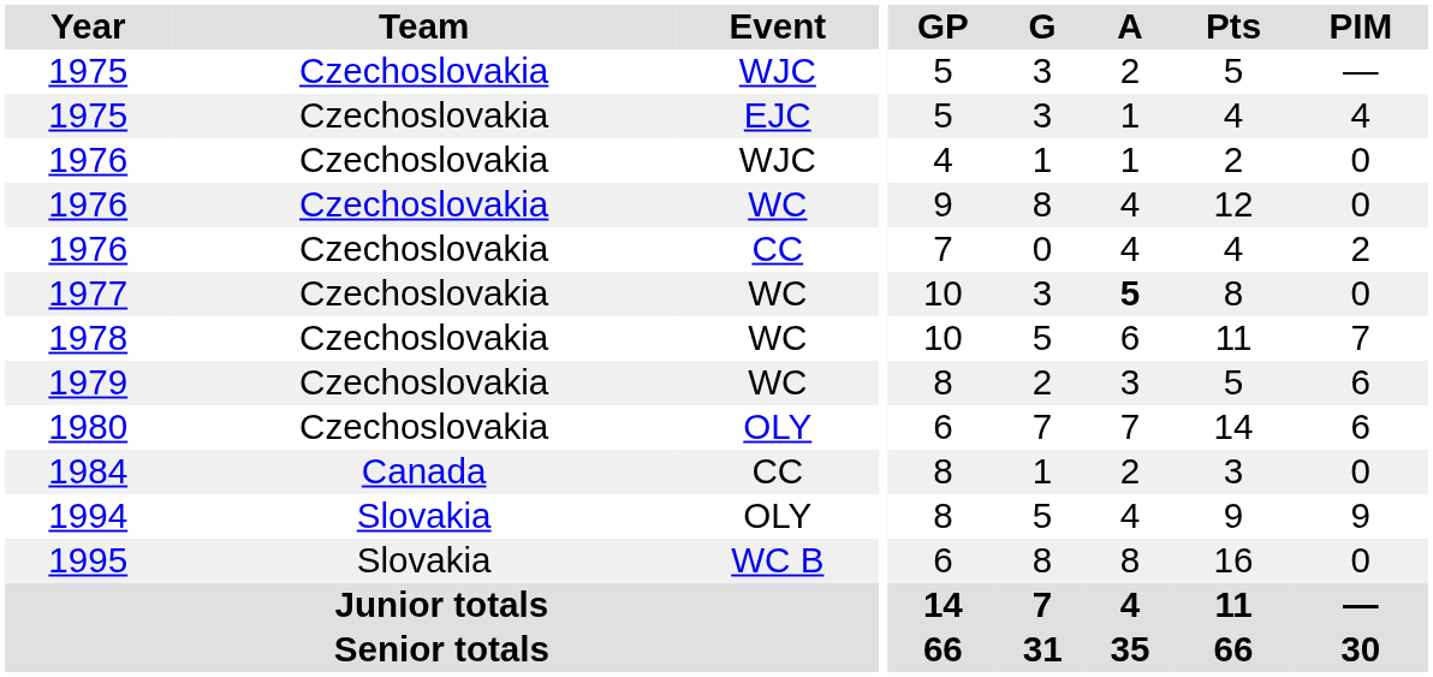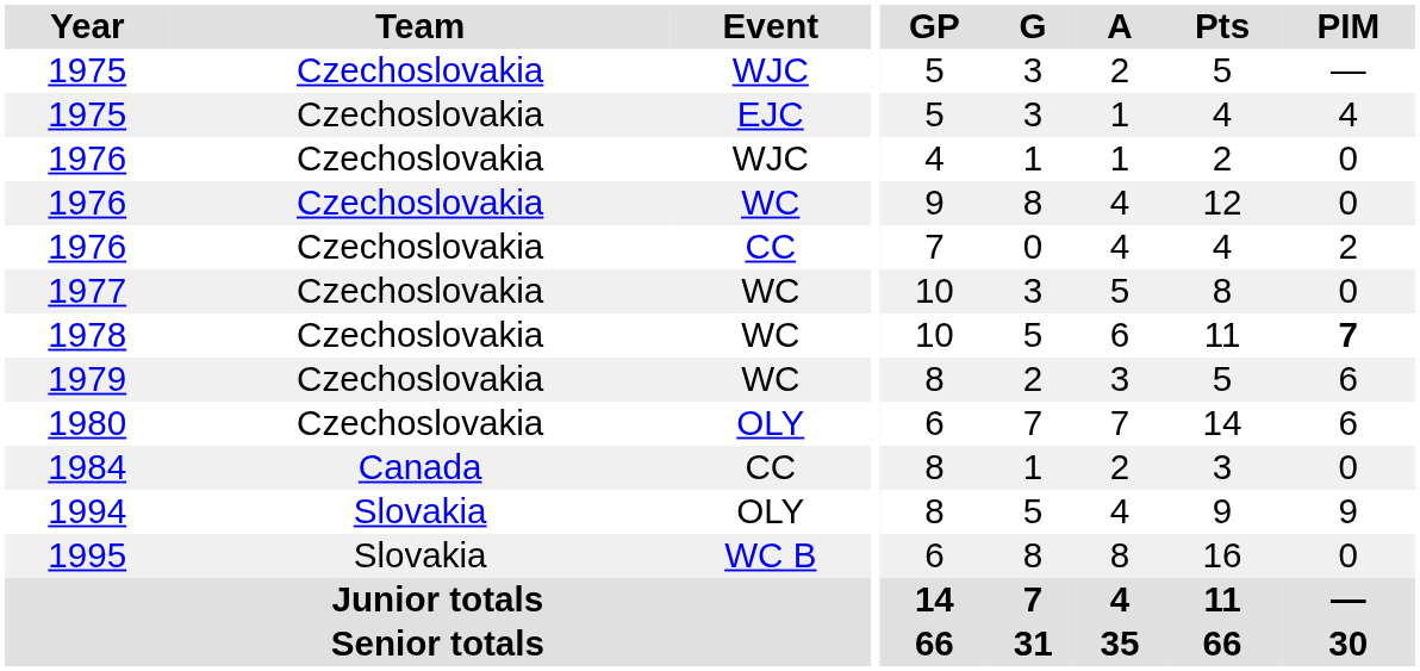 <table border="0" cellpadding="1" cellspacing="0" ID="Table3" style="text-align:center; width:40em">
 <tr bgcolor="#e0e0e0">
 <th>Year</th>
 <th>Team</th>
 <th>Event</th>
 <th rowspan="102" bgcolor="#ffffff"></th>
 <th>GP</th>
 <th>G</th>
 <th>A</th>
 <th>Pts</th>
 <th>PIM</th>
 </tr>
 <tr>
 <td><a href='#'>1975</a></td>
 <td><a href='#'>Czechoslovakia</a></td>
 <td><a href='#'>WJC</a></td>
 <td>5</td>
 <td>3</td>
 <td>2</td>
 <td>5</td>
 <td>—</td>
 </tr>
 <tr bgcolor="#f0f0f0">
 <td><a href='#'>1975</a></td>
 <td>Czechoslovakia</td>
 <td><a href='#'>EJC</a></td>
 <td>5</td>
 <td>3</td>
 <td>1</td>
 <td>4</td>
 <td>4</td>
 </tr>
 <tr>
 <td><a href='#'>1976</a></td>
 <td>Czechoslovakia</td>
 <td>WJC</td>
 <td>4</td>
 <td>1</td>
 <td>1</td>
 <td>2</td>
 <td>0</td>
 </tr>
 <tr bgcolor="#f0f0f0">
 <td><a href='#'>1976</a></td>
 <td><a href='#'>Czechoslovakia</a></td>
 <td><a href='#'>WC</a></td>
 <td>9</td>
 <td>8</td>
 <td>4</td>
 <td>12</td>
 <td>0</td>
 </tr>
 <tr>
 <td><a href='#'>1976</a></td>
 <td>Czechoslovakia</td>
 <td><a href='#'>CC</a></td>
 <td>7</td>
 <td>0</td>
 <td>4</td>
 <td>4</td>
 <td>2</td>
 </tr>
 <tr bgcolor="#f0f0f0">
 <td><a href='#'>1977</a></td>
 <td>Czechoslovakia</td>
 <td>WC</td>
 <td>10</td>
 <td>3</td>
-<td><strong>5</strong></td>
+<td>5</td>
 <td>8</td>
 <td>0</td>
 </tr>
 <tr>
 <td><a href='#'>1978</a></td>
 <td>Czechoslovakia</td>
 <td>WC</td>
 <td>10</td>
 <td>5</td>
 <td>6</td>
 <td>11</td>
-<td>7</td>
+<td><strong>7</strong></td>
 </tr>
 <tr bgcolor="#f0f0f0">
 <td><a href='#'>1979</a></td>
 <td>Czechoslovakia</td>
 <td>WC</td>
 <td>8</td>
 <td>2</td>
 <td>3</td>
 <td>5</td>
 <td>6</td>
 </tr>
 <tr>
 <td><a href='#'>1980</a></td>
 <td>Czechoslovakia</td>
 <td><a href='#'>OLY</a></td>
 <td>6</td>
 <td>7</td>
 <td>7</td>
 <td>14</td>
 <td>6</td>
 </tr>
 <tr bgcolor="#f0f0f0">
 <td><a href='#'>1984</a></td>
 <td><a href='#'>Canada</a></td>
 <td>CC</td>
 <td>8</td>
 <td>1</td>
 <td>2</td>
 <td>3</td>
 <td>0</td>
 </tr>
 <tr>
 <td><a href='#'>1994</a></td>
 <td><a href='#'>Slovakia</a></td>
 <td>OLY</td>
 <td>8</td>
 <td>5</td>
 <td>4</td>
 <td>9</td>
 <td>9</td>
 </tr>
 <tr bgcolor="#f0f0f0">
 <td><a href='#'>1995</a></td>
 <td>Slovakia</td>
 <td><a href='#'>WC B</a></td>
 <td>6</td>
 <td>8</td>
 <td>8</td>
 <td>16</td>
 <td>0</td>
 </tr>
 <tr bgcolor="#e0e0e0">
 <th colspan=3>Junior totals</th>
 <th>14</th>
 <th>7</th>
 <th>4</th>
 <th>11</th>
 <th>—</th>
 </tr>
 <tr bgcolor="#e0e0e0">
 <th colspan=3>Senior totals</th>
 <th>66</th>
 <th>31</th>
 <th>35</th>
 <th>66</th>
 <th>30</th>
 </tr>
 </table>
